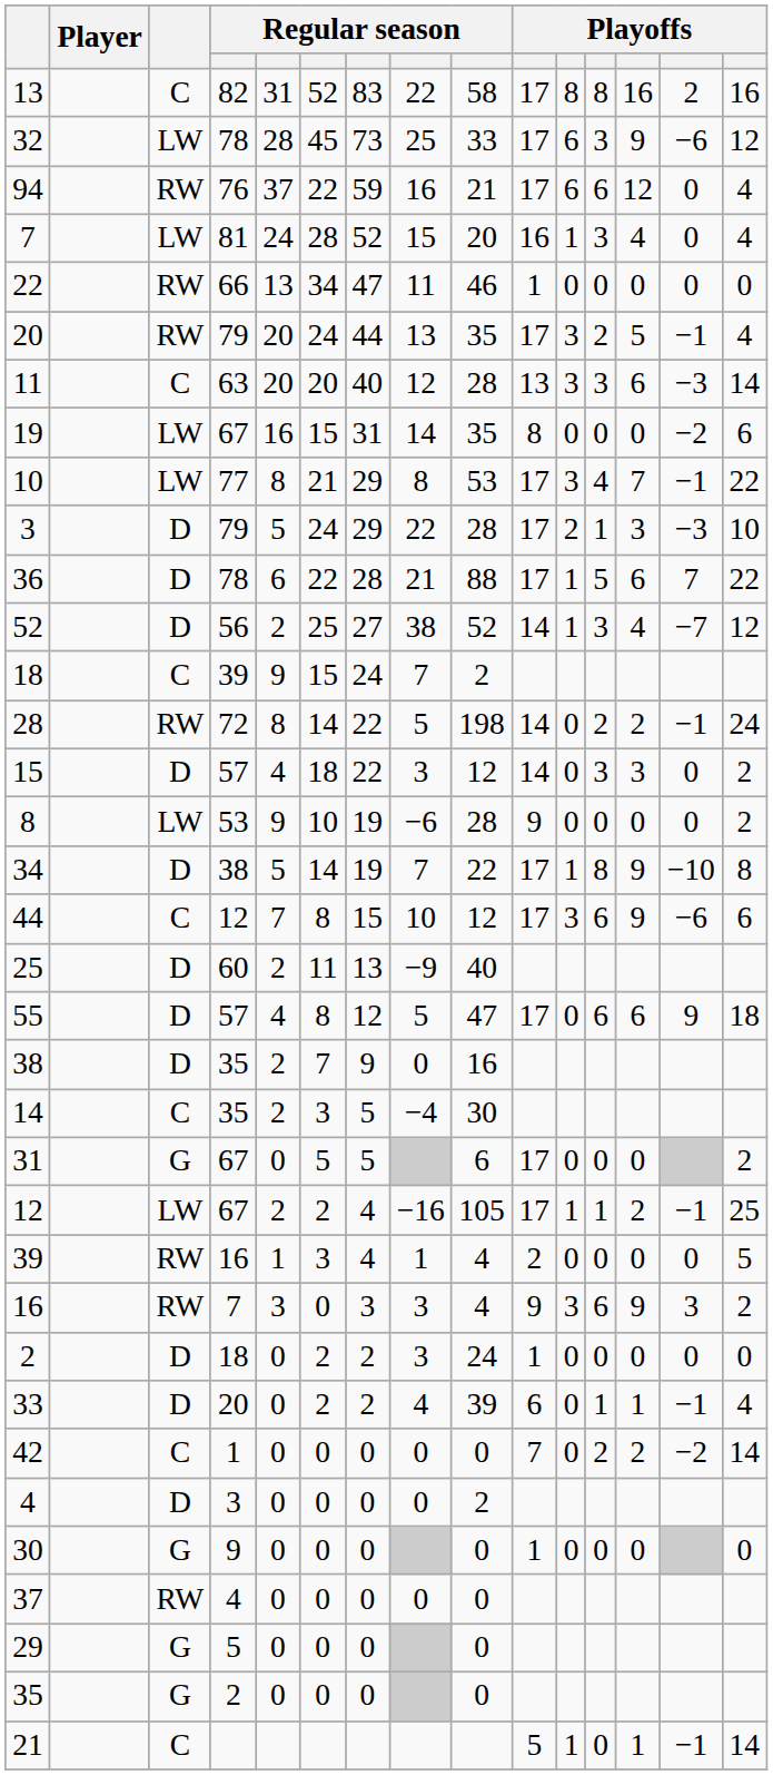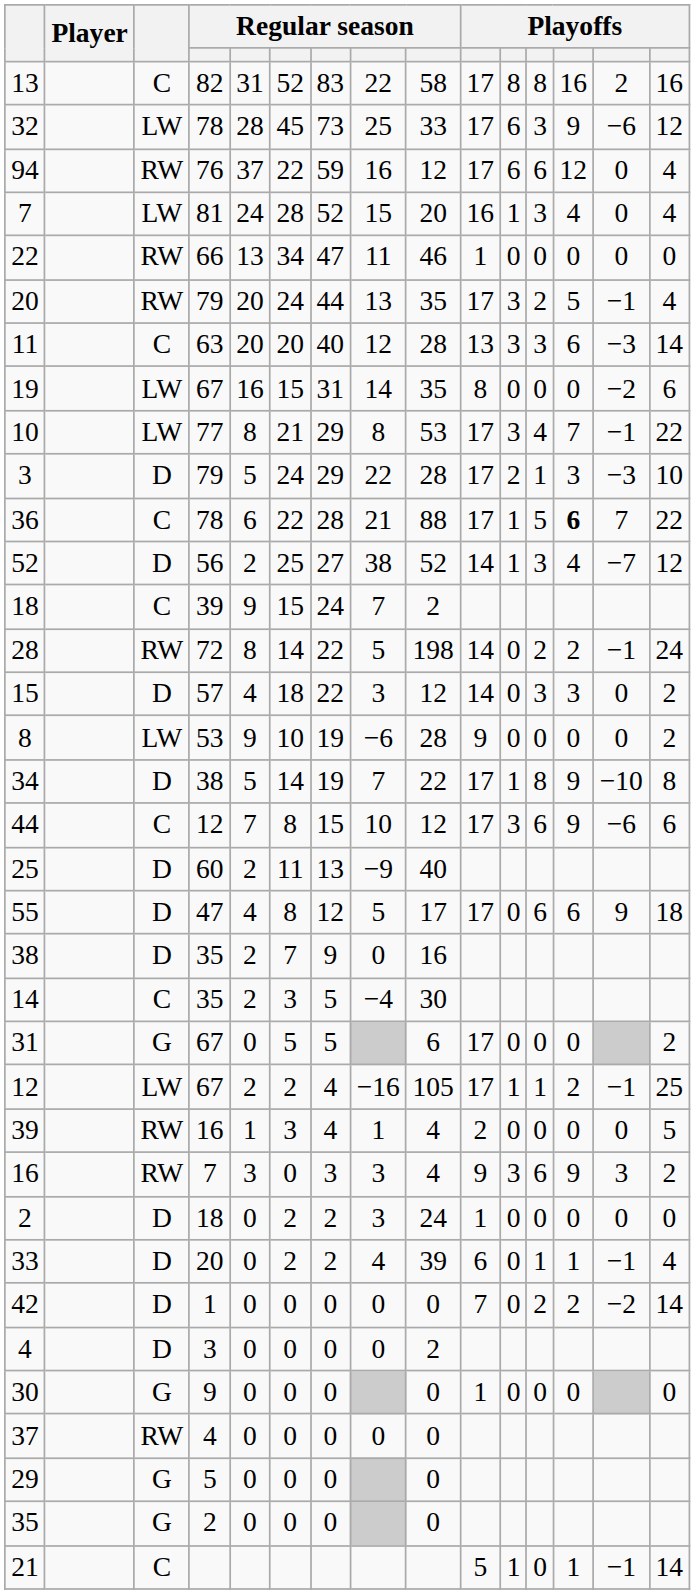 <table class="wikitable sortable plainrowheaders" style="text-align:center;">
 <tr>
 <th scope="col" data-sort-type="number" rowspan="2"></th>
 <th scope="col" rowspan="2">Player</th>
 <th scope="col" rowspan="2"></th>
 <th scope=colgroup colspan=6>Regular season</th>
 <th scope=colgroup colspan=6>Playoffs</th>
 </tr>
 <tr>
 <th scope="col" data-sort-type="number"></th>
 <th scope="col" data-sort-type="number"></th>
 <th scope="col" data-sort-type="number"></th>
 <th scope="col" data-sort-type="number"></th>
 <th scope="col" data-sort-type="number"></th>
 <th scope="col" data-sort-type="number"></th>
 <th scope="col" data-sort-type="number"></th>
 <th scope="col" data-sort-type="number"></th>
 <th scope="col" data-sort-type="number"></th>
 <th scope="col" data-sort-type="number"></th>
 <th scope="col" data-sort-type="number"></th>
 <th scope="col" data-sort-type="number"></th>
 </tr>
 <tr>
 <td scope="row">13</td>
 <td align="left"></td>
 <td>C</td>
 <td>82</td>
 <td>31</td>
 <td>52</td>
 <td>83</td>
 <td>22</td>
 <td>58</td>
 <td>17</td>
 <td>8</td>
 <td>8</td>
 <td>16</td>
 <td>2</td>
 <td>16</td>
 </tr>
 <tr>
 <td scope="row">32</td>
 <td align="left"></td>
 <td>LW</td>
 <td>78</td>
 <td>28</td>
 <td>45</td>
 <td>73</td>
 <td>25</td>
 <td>33</td>
 <td>17</td>
 <td>6</td>
 <td>3</td>
 <td>9</td>
 <td>−6</td>
 <td>12</td>
 </tr>
 <tr>
 <td scope="row">94</td>
 <td align="left"></td>
 <td>RW</td>
 <td>76</td>
 <td>37</td>
 <td>22</td>
 <td>59</td>
 <td>16</td>
-<td>21</td>
+<td>12</td>
 <td>17</td>
 <td>6</td>
 <td>6</td>
 <td>12</td>
 <td>0</td>
 <td>4</td>
 </tr>
 <tr>
 <td scope="row">7</td>
 <td align="left"></td>
 <td>LW</td>
 <td>81</td>
 <td>24</td>
 <td>28</td>
 <td>52</td>
 <td>15</td>
 <td>20</td>
 <td>16</td>
 <td>1</td>
 <td>3</td>
 <td>4</td>
 <td>0</td>
 <td>4</td>
 </tr>
 <tr>
 <td scope="row">22</td>
 <td align="left"></td>
 <td>RW</td>
 <td>66</td>
 <td>13</td>
 <td>34</td>
 <td>47</td>
 <td>11</td>
 <td>46</td>
 <td>1</td>
 <td>0</td>
 <td>0</td>
 <td>0</td>
 <td>0</td>
 <td>0</td>
 </tr>
 <tr>
 <td scope="row">20</td>
 <td align="left"></td>
 <td>RW</td>
 <td>79</td>
 <td>20</td>
 <td>24</td>
 <td>44</td>
 <td>13</td>
 <td>35</td>
 <td>17</td>
 <td>3</td>
 <td>2</td>
 <td>5</td>
 <td>−1</td>
 <td>4</td>
 </tr>
 <tr>
 <td scope="row">11</td>
 <td align="left"></td>
 <td>C</td>
 <td>63</td>
 <td>20</td>
 <td>20</td>
 <td>40</td>
 <td>12</td>
 <td>28</td>
 <td>13</td>
 <td>3</td>
 <td>3</td>
 <td>6</td>
 <td>−3</td>
 <td>14</td>
 </tr>
 <tr>
 <td scope="row">19</td>
 <td align="left"></td>
 <td>LW</td>
 <td>67</td>
 <td>16</td>
 <td>15</td>
 <td>31</td>
 <td>14</td>
 <td>35</td>
 <td>8</td>
 <td>0</td>
 <td>0</td>
 <td>0</td>
 <td>−2</td>
 <td>6</td>
 </tr>
 <tr>
 <td scope="row">10</td>
 <td align="left"></td>
 <td>LW</td>
 <td>77</td>
 <td>8</td>
 <td>21</td>
 <td>29</td>
 <td>8</td>
 <td>53</td>
 <td>17</td>
 <td>3</td>
 <td>4</td>
 <td>7</td>
 <td>−1</td>
 <td>22</td>
 </tr>
 <tr>
 <td scope="row">3</td>
 <td align="left"></td>
 <td>D</td>
 <td>79</td>
 <td>5</td>
 <td>24</td>
 <td>29</td>
 <td>22</td>
 <td>28</td>
 <td>17</td>
 <td>2</td>
 <td>1</td>
 <td>3</td>
 <td>−3</td>
 <td>10</td>
 </tr>
 <tr>
 <td scope="row">36</td>
 <td align="left"></td>
-<td>D</td>
+<td>C</td>
 <td>78</td>
 <td>6</td>
 <td>22</td>
 <td>28</td>
 <td>21</td>
 <td>88</td>
 <td>17</td>
 <td>1</td>
 <td>5</td>
-<td>6</td>
+<td><strong>6</strong></td>
 <td>7</td>
 <td>22</td>
 </tr>
 <tr>
 <td scope="row">52</td>
 <td align="left"></td>
 <td>D</td>
 <td>56</td>
 <td>2</td>
 <td>25</td>
 <td>27</td>
 <td>38</td>
 <td>52</td>
 <td>14</td>
 <td>1</td>
 <td>3</td>
 <td>4</td>
 <td>−7</td>
 <td>12</td>
 </tr>
 <tr>
 <td scope="row">18</td>
 <td align="left"></td>
 <td>C</td>
 <td>39</td>
 <td>9</td>
 <td>15</td>
 <td>24</td>
 <td>7</td>
 <td>2</td>
 <td></td>
 <td></td>
 <td></td>
 <td></td>
 <td></td>
 <td></td>
 </tr>
 <tr>
 <td scope="row">28</td>
 <td align="left"></td>
 <td>RW</td>
 <td>72</td>
 <td>8</td>
 <td>14</td>
 <td>22</td>
 <td>5</td>
 <td>198</td>
 <td>14</td>
 <td>0</td>
 <td>2</td>
 <td>2</td>
 <td>−1</td>
 <td>24</td>
 </tr>
 <tr>
 <td scope="row">15</td>
 <td align="left"></td>
 <td>D</td>
 <td>57</td>
 <td>4</td>
 <td>18</td>
 <td>22</td>
 <td>3</td>
 <td>12</td>
 <td>14</td>
 <td>0</td>
 <td>3</td>
 <td>3</td>
 <td>0</td>
 <td>2</td>
 </tr>
 <tr>
 <td scope="row">8</td>
 <td align="left"></td>
 <td>LW</td>
 <td>53</td>
 <td>9</td>
 <td>10</td>
 <td>19</td>
 <td>−6</td>
 <td>28</td>
 <td>9</td>
 <td>0</td>
 <td>0</td>
 <td>0</td>
 <td>0</td>
 <td>2</td>
 </tr>
 <tr>
 <td scope="row">34</td>
 <td align="left"></td>
 <td>D</td>
 <td>38</td>
 <td>5</td>
 <td>14</td>
 <td>19</td>
 <td>7</td>
 <td>22</td>
 <td>17</td>
 <td>1</td>
 <td>8</td>
 <td>9</td>
 <td>−10</td>
 <td>8</td>
 </tr>
 <tr>
 <td scope="row">44</td>
 <td align="left"></td>
 <td>C</td>
 <td>12</td>
 <td>7</td>
 <td>8</td>
 <td>15</td>
 <td>10</td>
 <td>12</td>
 <td>17</td>
 <td>3</td>
 <td>6</td>
 <td>9</td>
 <td>−6</td>
 <td>6</td>
 </tr>
 <tr>
 <td scope="row">25</td>
 <td align="left"></td>
 <td>D</td>
 <td>60</td>
 <td>2</td>
 <td>11</td>
 <td>13</td>
 <td>−9</td>
 <td>40</td>
 <td></td>
 <td></td>
 <td></td>
 <td></td>
 <td></td>
 <td></td>
 </tr>
 <tr>
 <td scope="row">55</td>
 <td align="left"></td>
 <td>D</td>
-<td>57</td>
+<td>47</td>
 <td>4</td>
 <td>8</td>
 <td>12</td>
 <td>5</td>
-<td>47</td>
+<td>17</td>
 <td>17</td>
 <td>0</td>
 <td>6</td>
 <td>6</td>
 <td>9</td>
 <td>18</td>
 </tr>
 <tr>
 <td scope="row">38</td>
 <td align="left"></td>
 <td>D</td>
 <td>35</td>
 <td>2</td>
 <td>7</td>
 <td>9</td>
 <td>0</td>
 <td>16</td>
 <td></td>
 <td></td>
 <td></td>
 <td></td>
 <td></td>
 <td></td>
 </tr>
 <tr>
 <td scope="row">14</td>
 <td align="left"></td>
 <td>C</td>
 <td>35</td>
 <td>2</td>
 <td>3</td>
 <td>5</td>
 <td>−4</td>
 <td>30</td>
 <td></td>
 <td></td>
 <td></td>
 <td></td>
 <td></td>
 <td></td>
 </tr>
 <tr>
 <td scope="row">31</td>
 <td align="left"></td>
 <td>G</td>
 <td>67</td>
 <td>0</td>
 <td>5</td>
 <td>5</td>
 <td style="background:#ccc"></td>
 <td>6</td>
 <td>17</td>
 <td>0</td>
 <td>0</td>
 <td>0</td>
 <td style="background:#ccc"></td>
 <td>2</td>
 </tr>
 <tr>
 <td scope="row">12</td>
 <td align="left"></td>
 <td>LW</td>
 <td>67</td>
 <td>2</td>
 <td>2</td>
 <td>4</td>
 <td>−16</td>
 <td>105</td>
 <td>17</td>
 <td>1</td>
 <td>1</td>
 <td>2</td>
 <td>−1</td>
 <td>25</td>
 </tr>
 <tr>
 <td scope="row">39</td>
 <td align="left"></td>
 <td>RW</td>
 <td>16</td>
 <td>1</td>
 <td>3</td>
 <td>4</td>
 <td>1</td>
 <td>4</td>
 <td>2</td>
 <td>0</td>
 <td>0</td>
 <td>0</td>
 <td>0</td>
 <td>5</td>
 </tr>
 <tr>
 <td scope="row">16</td>
 <td align="left"></td>
 <td>RW</td>
 <td>7</td>
 <td>3</td>
 <td>0</td>
 <td>3</td>
 <td>3</td>
 <td>4</td>
 <td>9</td>
 <td>3</td>
 <td>6</td>
 <td>9</td>
 <td>3</td>
 <td>2</td>
 </tr>
 <tr>
 <td scope="row">2</td>
 <td align="left"></td>
 <td>D</td>
 <td>18</td>
 <td>0</td>
 <td>2</td>
 <td>2</td>
 <td>3</td>
 <td>24</td>
 <td>1</td>
 <td>0</td>
 <td>0</td>
 <td>0</td>
 <td>0</td>
 <td>0</td>
 </tr>
 <tr>
 <td scope="row">33</td>
 <td align="left"></td>
 <td>D</td>
 <td>20</td>
 <td>0</td>
 <td>2</td>
 <td>2</td>
 <td>4</td>
 <td>39</td>
 <td>6</td>
 <td>0</td>
 <td>1</td>
 <td>1</td>
 <td>−1</td>
 <td>4</td>
 </tr>
 <tr>
 <td scope="row">42</td>
 <td align="left"></td>
-<td>C</td>
+<td>D</td>
 <td>1</td>
 <td>0</td>
 <td>0</td>
 <td>0</td>
 <td>0</td>
 <td>0</td>
 <td>7</td>
 <td>0</td>
 <td>2</td>
 <td>2</td>
 <td>−2</td>
 <td>14</td>
 </tr>
 <tr>
 <td scope="row">4</td>
 <td align="left"></td>
 <td>D</td>
 <td>3</td>
 <td>0</td>
 <td>0</td>
 <td>0</td>
 <td>0</td>
 <td>2</td>
 <td></td>
 <td></td>
 <td></td>
 <td></td>
 <td></td>
 <td></td>
 </tr>
 <tr>
 <td scope="row">30</td>
 <td align="left"></td>
 <td>G</td>
 <td>9</td>
 <td>0</td>
 <td>0</td>
 <td>0</td>
 <td style="background:#ccc"></td>
 <td>0</td>
 <td>1</td>
 <td>0</td>
 <td>0</td>
 <td>0</td>
 <td style="background:#ccc"></td>
 <td>0</td>
 </tr>
 <tr>
 <td scope="row">37</td>
 <td align="left"></td>
 <td>RW</td>
 <td>4</td>
 <td>0</td>
 <td>0</td>
 <td>0</td>
 <td>0</td>
 <td>0</td>
 <td></td>
 <td></td>
 <td></td>
 <td></td>
 <td></td>
 <td></td>
 </tr>
 <tr>
 <td scope="row">29</td>
 <td align="left"></td>
 <td>G</td>
 <td>5</td>
 <td>0</td>
 <td>0</td>
 <td>0</td>
 <td style="background:#ccc"></td>
 <td>0</td>
 <td></td>
 <td></td>
 <td></td>
 <td></td>
 <td></td>
 <td></td>
 </tr>
 <tr>
 <td scope="row">35</td>
 <td align="left"></td>
 <td>G</td>
 <td>2</td>
 <td>0</td>
 <td>0</td>
 <td>0</td>
 <td style="background:#ccc"></td>
 <td>0</td>
 <td></td>
 <td></td>
 <td></td>
 <td></td>
 <td></td>
 <td></td>
 </tr>
 <tr>
 <td scope="row">21</td>
 <td align="left"></td>
 <td>C</td>
 <td></td>
 <td></td>
 <td></td>
 <td></td>
 <td></td>
 <td></td>
 <td>5</td>
 <td>1</td>
 <td>0</td>
 <td>1</td>
 <td>−1</td>
 <td>14</td>
 </tr>
 </table>
